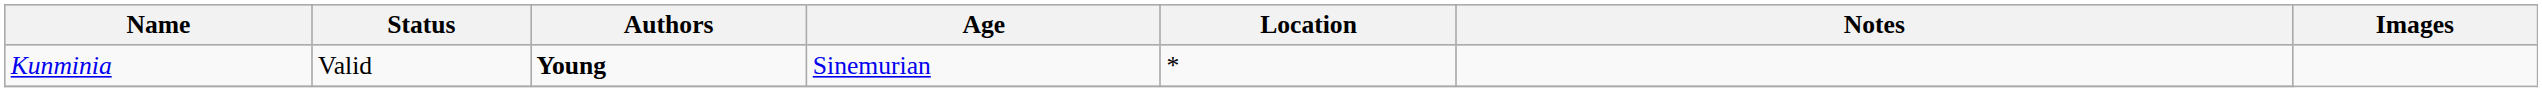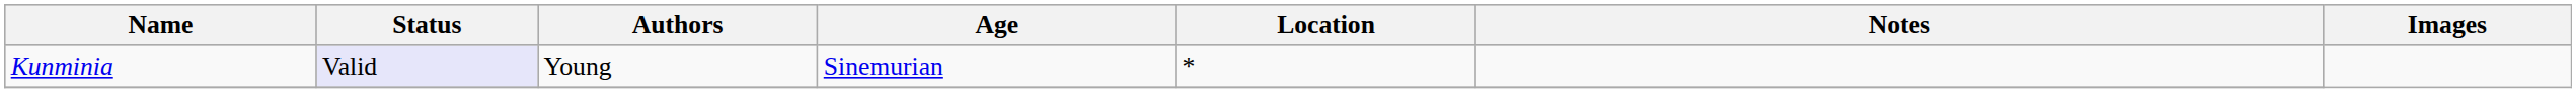 <table class="wikitable sortable" align="center" width="100%">
 <tr>
 <th>Name</th>
 <th>Status</th>
 <th>Authors</th>
 <th>Age</th>
 <th>Location</th>
 <th width="33%" class="unsortable">Notes</th>
 <th class="unsortable">Images</th>
 </tr>
 <tr>
 <td><em><a href='#'>Kunminia</a></em></td>
-<td>Valid</td>
-<td><strong>Young</strong></td>
+<td style="background: lavender;">Valid</td>
+<td>Young</td>
 <td><a href='#'>Sinemurian</a></td>
 <td>* </td>
 <td></td>
 <td rowspan="99"></td>
 </tr>
 <tr>
 </tr>
 </table>
